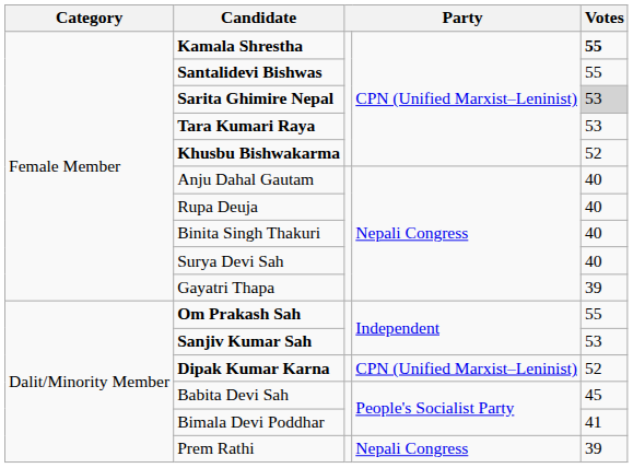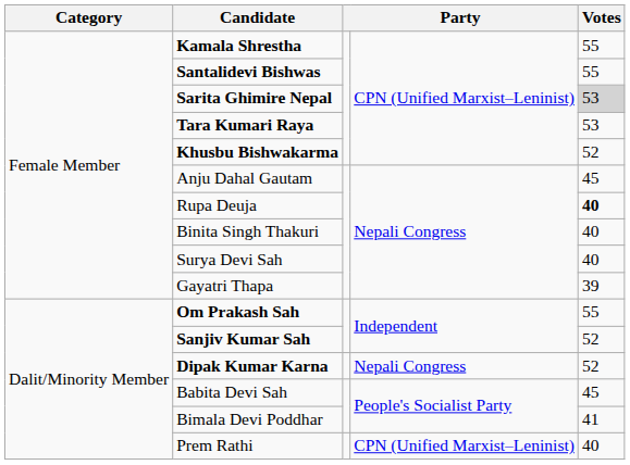 <table class="wikitable">
 <tr>
 <th>Category</th>
 <th>Candidate</th>
 <th colspan="2">Party</th>
 <th>Votes</th>
 </tr>
 <tr>
 <td rowspan="10">Female Member</td>
 <td><strong>Kamala Shrestha</strong></td>
 <td rowspan="5" style="background-color:"><br></td>
 <td rowspan="5"><a href='#'>CPN (Unified Marxist–Leninist)</a></td>
-<td><strong>55</strong></td>
+<td>55</td>
 </tr>
 <tr>
 <td><strong>Santalidevi Bishwas</strong></td>
 <td>55</td>
 </tr>
 <tr>
 <td><strong>Sarita Ghimire Nepal</strong></td>
 <td style="background: lightgrey;">53</td>
 </tr>
 <tr>
 <td><strong>Tara Kumari Raya</strong></td>
 <td>53</td>
 </tr>
 <tr>
 <td><strong>Khusbu Bishwakarma</strong></td>
 <td>52</td>
 </tr>
 <tr>
 <td>Anju Dahal Gautam</td>
 <td rowspan="5" style="background-color:"><br></td>
 <td rowspan="5"><a href='#'>Nepali Congress</a></td>
-<td>40</td>
+<td>45</td>
 </tr>
 <tr>
 <td>Rupa Deuja</td>
-<td>40</td>
+<td><strong>40</strong></td>
 </tr>
 <tr>
 <td>Binita Singh Thakuri</td>
 <td>40</td>
 </tr>
 <tr>
 <td>Surya Devi Sah</td>
 <td>40</td>
 </tr>
 <tr>
 <td>Gayatri Thapa</td>
 <td>39</td>
 </tr>
 <tr>
 <td rowspan="6">Dalit/Minority Member</td>
 <td><strong>Om Prakash Sah</strong></td>
 <td rowspan="2" style="background-color:"><br></td>
 <td rowspan="2"><a href='#'>Independent</a></td>
 <td>55</td>
 </tr>
 <tr>
 <td><strong>Sanjiv Kumar Sah</strong></td>
-<td>53</td>
+<td>52</td>
 </tr>
 <tr>
 <td><strong>Dipak Kumar Karna</strong></td>
 <td style="background-color:"><br></td>
-<td><a href='#'>CPN (Unified Marxist–Leninist)</a></td>
+<td><a href='#'>Nepali Congress</a></td>
 <td>52</td>
 </tr>
 <tr>
 <td>Babita Devi Sah</td>
 <td rowspan="2" style="background-color:"><br></td>
 <td rowspan="2"><a href='#'>People's Socialist Party</a></td>
 <td>45</td>
 </tr>
 <tr>
 <td>Bimala Devi Poddhar</td>
 <td>41</td>
 </tr>
 <tr>
 <td>Prem Rathi</td>
 <td style="background-color:"><br></td>
-<td><a href='#'>Nepali Congress</a></td>
-<td>39</td>
+<td><a href='#'>CPN (Unified Marxist–Leninist)</a></td>
+<td>40</td>
 </tr>
 </table>
